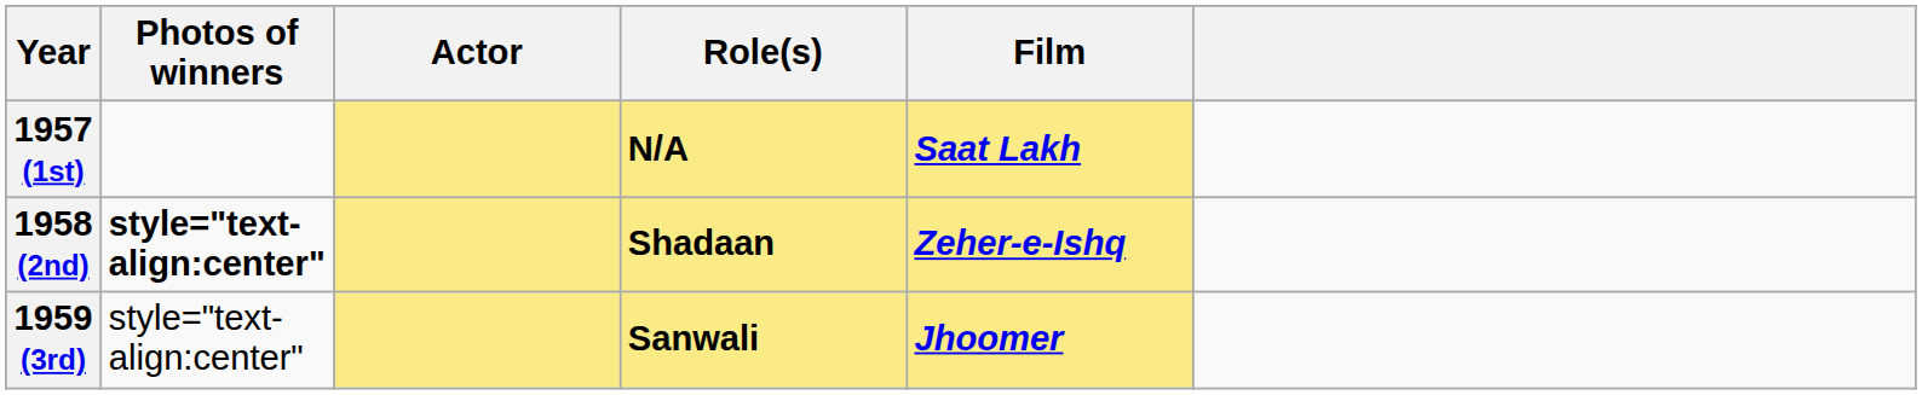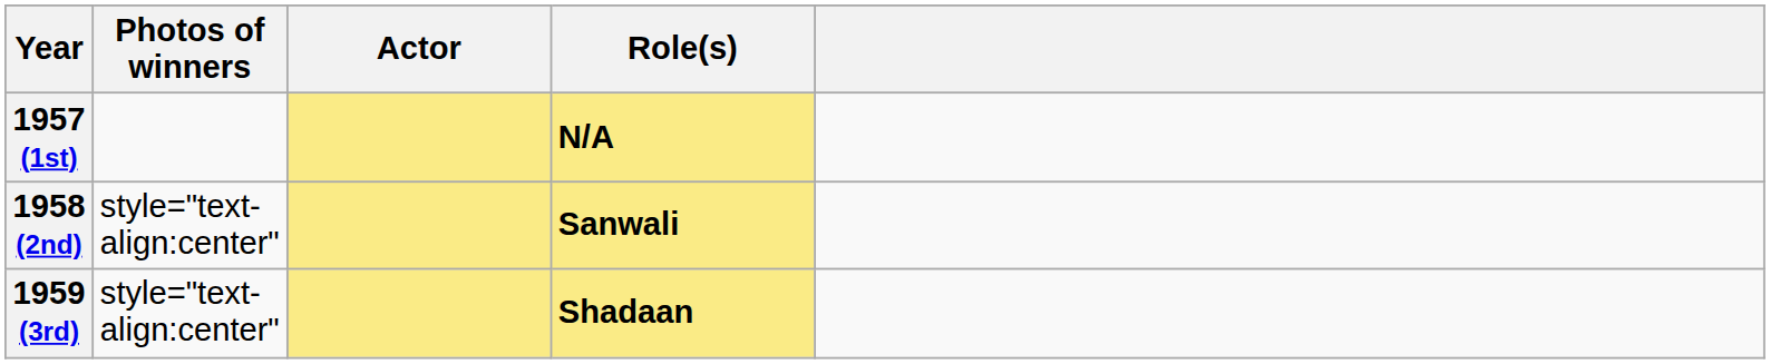 <table class="wikitable sortable" style="text-align:left;">
 <tr>
 <th scope="col" style="width:3%; text-align:center;">Year</th>
 <th scope="col" style="width:3%;text-align:center;">Photos of winners</th>
 <th scope="col" style="width:15%;text-align:center;">Actor</th>
 <th scope="col" style="width:15%;text-align:center;">Role(s)</th>
-<th scope="col" style="width:15%;text-align:center;">Film</th>
 <th scope="col" class="unsortable"></th>
 </tr>
 <tr>
 <th style="text-align:center">1957 <br><small><a href='#'>(1st)</a> </small></th>
 <td style="text-align:center"></td>
 <td style="background:#FAEB86;"><strong></strong> </td>
 <td style="background:#FAEB86;"><strong>N/A</strong></td>
-<td style="background:#FAEB86;"><strong><em><a href='#'>Saat Lakh</a></em></strong></td>
 <td></td>
 </tr>
 <tr>
 <th style="text-align:center">1958 <br><small><a href='#'>(2nd)</a></small></th>
-<td><strong>style="text-align:center" </strong></td>
+<td>style="text-align:center" </td>
 <td style="background:#FAEB86;"><strong></strong> </td>
-<td style="background:#FAEB86;"><strong>Shadaan</strong></td>
-<td style="background:#FAEB86;"><strong><em><a href='#'>Zeher-e-Ishq</a></em></strong></td>
+<td style="background:#FAEB86;"><strong>Sanwali</strong></td>
 <td></td>
 </tr>
 <tr>
 <th style="text-align:center">1959 <br><small><a href='#'>(3rd)</a> </small></th>
 <td>style="text-align:center" </td>
 <td style="background:#FAEB86;"><strong></strong> </td>
-<td style="background:#FAEB86;"><strong>Sanwali</strong></td>
-<td style="background:#FAEB86;"><strong><em><a href='#'>Jhoomer</a></em></strong></td>
+<td style="background:#FAEB86;"><strong>Shadaan</strong></td>
 <td></td>
 </tr>
 </table>
